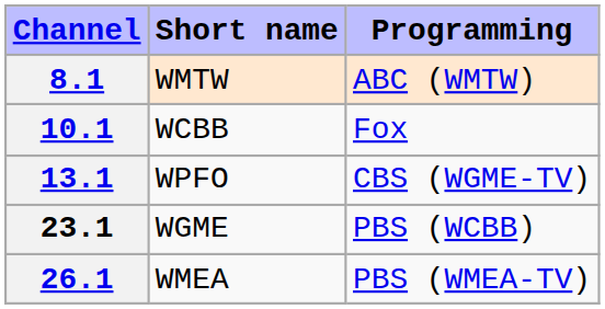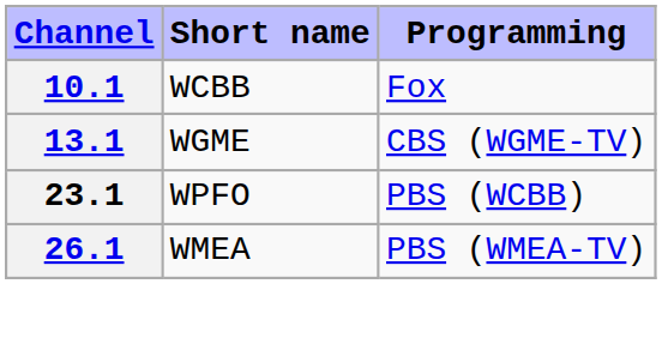 <table class="wikitable">
 <tr>
 <th style="background-color: #bdbdff" scope="col"><a href='#'>Channel</a></th>
 <th style="background-color: #bdbdff" scope="col">Short name</th>
 <th style="background-color: #bdbdff" scope="col">Programming</th>
-</tr>
-<tr>
-<th scope="row"><a href='#'>8.1</a></th>
-<td style="background-color:#ffe8d0">WMTW</td>
-<td style="background-color:#ffe8d0"><a href='#'>ABC</a> (<a href='#'>WMTW</a>) </td>
 </tr>
 <tr>
 <th scope="row"><a href='#'>10.1</a></th>
 <td>WCBB</td>
 <td><a href='#'>Fox</a></td>
 </tr>
 <tr>
 <th scope="row"><a href='#'>13.1</a></th>
-<td>WPFO</td>
+<td>WGME</td>
 <td><a href='#'>CBS</a> (<a href='#'>WGME-TV</a>)</td>
 </tr>
 <tr>
 <th scope="row">23.1</th>
-<td>WGME</td>
+<td>WPFO</td>
 <td><a href='#'>PBS</a> (<a href='#'>WCBB</a>)</td>
 </tr>
 <tr>
 <th scope="row"><a href='#'>26.1</a></th>
 <td>WMEA</td>
 <td><a href='#'>PBS</a> (<a href='#'>WMEA-TV</a>)</td>
 </tr>
 </table>
